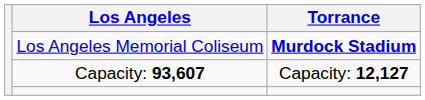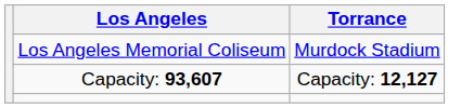 <table class="wikitable" style="text-align:center">
 <tr>
 <th rowspan="4"></th>
 <th><a href='#'>Los Angeles</a></th>
 <th><a href='#'>Torrance</a></th>
 </tr>
 <tr>
 <td><a href='#'>Los Angeles Memorial Coliseum</a></td>
-<td><strong><a href='#'>Murdock Stadium</a></strong></td>
+<td><a href='#'>Murdock Stadium</a></td>
 </tr>
 <tr>
 <td>Capacity: <strong>93,607</strong></td>
 <td>Capacity: <strong>12,127</strong></td>
 </tr>
 <tr>
 <td></td>
 <td></td>
 </tr>
 </table>
